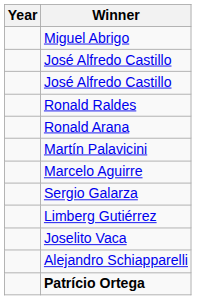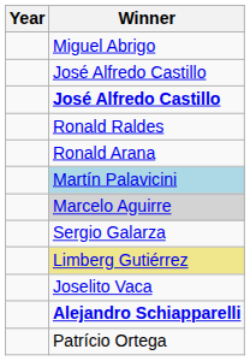 <table class="wikitable">
 <tr>
 <th>Year</th>
 <th>Winner</th>
 </tr>
 <tr>
 <td></td>
 <td> <a href='#'>Miguel Abrigo</a></td>
 </tr>
 <tr>
 <td></td>
 <td> <a href='#'>José Alfredo Castillo</a></td>
 </tr>
 <tr>
 <td></td>
-<td> <a href='#'>José Alfredo Castillo</a></td>
+<td><strong> <a href='#'>José Alfredo Castillo</a></strong></td>
 </tr>
 <tr>
 <td></td>
 <td> <a href='#'>Ronald Raldes</a></td>
 </tr>
 <tr>
 <td></td>
 <td> <a href='#'>Ronald Arana</a></td>
 </tr>
 <tr>
 <td></td>
-<td> <a href='#'>Martín Palavicini</a></td>
+<td style="background: lightblue;"> <a href='#'>Martín Palavicini</a></td>
 </tr>
 <tr>
 <td></td>
-<td> <a href='#'>Marcelo Aguirre</a></td>
+<td style="background: lightgrey;"> <a href='#'>Marcelo Aguirre</a></td>
 </tr>
 <tr>
 <td></td>
 <td> <a href='#'>Sergio Galarza</a></td>
 </tr>
 <tr>
 <td></td>
-<td> <a href='#'>Limberg Gutiérrez</a></td>
+<td style="background: khaki;"> <a href='#'>Limberg Gutiérrez</a></td>
 </tr>
 <tr>
 <td></td>
 <td> <a href='#'>Joselito Vaca</a></td>
 </tr>
 <tr>
 <td></td>
-<td> <a href='#'>Alejandro Schiapparelli</a></td>
+<td><strong> <a href='#'>Alejandro Schiapparelli</a></strong></td>
 </tr>
 <tr>
 <td></td>
-<td><strong> Patrício Ortega</strong></td>
+<td> Patrício Ortega</td>
 </tr>
 </table>
